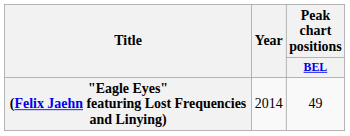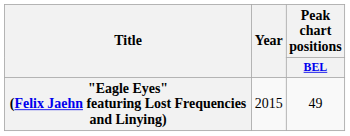 <table class="wikitable plainrowheaders" border="1" style="text-align:center;">
 <tr>
 <th scope="col" rowspan="2" style="width:17.3em;">Title</th>
 <th scope="col" rowspan="2" style="width:0.1em;">Year</th>
 <th scope="col" colspan="1">Peak chart positions</th>
 </tr>
 <tr>
 <th scope="col" style="width:3em;font-size:85%;"><a href='#'>BEL</a><br></th>
 </tr>
 <tr>
 <th scope="row">"Eagle Eyes"<br><span>(<a href='#'>Felix Jaehn</a> featuring Lost Frequencies and Linying)</span></th>
-<td>2014</td>
+<td>2015</td>
 <td>49</td>
 </tr>
 </table>
